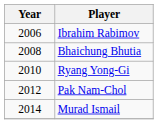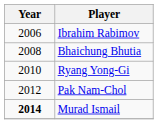 <table class="wikitable" style="font-size:90%; width: 30%; text-align: center;">
 <tr>
 <th width="05">Year</th>
 <th width="25">Player</th>
 </tr>
 <tr>
 <td>2006</td>
 <td align="left"> <a href='#'>Ibrahim Rabimov</a></td>
 </tr>
 <tr>
 <td>2008</td>
 <td align="left"> <a href='#'>Bhaichung Bhutia</a></td>
 </tr>
 <tr>
 <td>2010</td>
 <td align="left"> <a href='#'>Ryang Yong-Gi</a></td>
 </tr>
 <tr>
 <td>2012</td>
 <td align="left"> <a href='#'>Pak Nam-Chol</a></td>
 </tr>
 <tr>
-<td>2014</td>
+<td><strong>2014</strong></td>
 <td align="left"> <a href='#'>Murad Ismail</a></td>
 </tr>
 <tr>
 </tr>
 </table>
